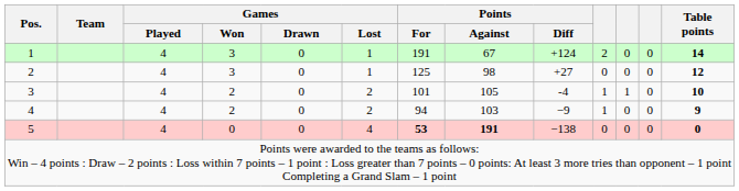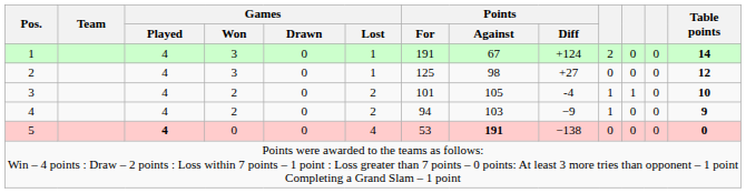 <table class="wikitable" style="text-align:center">
 <tr>
 <th rowspan="2">Pos.</th>
 <th rowspan="2">Team</th>
 <th colspan="4">Games</th>
 <th colspan="3">Points</th>
 <th rowspan="2"></th>
 <th rowspan="2"></th>
 <th rowspan="2"></th>
 <th rowspan="2">Table<br>points</th>
 </tr>
 <tr>
 <th>Played</th>
 <th>Won</th>
 <th>Drawn</th>
 <th>Lost</th>
 <th>For</th>
 <th>Against</th>
 <th>Diff</th>
 </tr>
 <tr style="background:#cfc">
 <td>1</td>
 <td align=left></td>
 <td>4</td>
 <td>3</td>
 <td>0</td>
 <td>1</td>
 <td>191</td>
 <td>67</td>
 <td>+124</td>
 <td>2</td>
 <td>0</td>
 <td>0</td>
 <td><strong>14</strong></td>
 </tr>
 <tr>
 <td>2</td>
 <td align=left></td>
 <td>4</td>
 <td>3</td>
 <td>0</td>
 <td>1</td>
 <td>125</td>
 <td>98</td>
 <td>+27</td>
 <td>0</td>
 <td>0</td>
 <td>0</td>
 <td><strong>12</strong></td>
 </tr>
 <tr>
 <td>3</td>
 <td align=left></td>
 <td>4</td>
 <td>2</td>
 <td>0</td>
 <td>2</td>
 <td>101</td>
 <td>105</td>
 <td>-4</td>
 <td>1</td>
 <td>1</td>
 <td>0</td>
 <td><strong>10</strong></td>
 </tr>
 <tr>
 <td>4</td>
 <td align=left></td>
 <td>4</td>
 <td>2</td>
 <td>0</td>
 <td>2</td>
 <td>94</td>
 <td>103</td>
 <td>−9</td>
 <td>1</td>
 <td>0</td>
 <td>0</td>
 <td><strong>9</strong></td>
 </tr>
 <tr style="background:#fcc">
 <td>5</td>
 <td align=left></td>
-<td>4</td>
+<td><strong>4</strong></td>
 <td>0</td>
 <td>0</td>
 <td>4</td>
-<td><strong>53</strong></td>
+<td>53</td>
 <td><strong>191</strong></td>
 <td>−138</td>
 <td>0</td>
 <td>0</td>
 <td>0</td>
 <td><strong>0</strong></td>
 </tr>
 <tr>
 <td colspan="13">Points were awarded to the teams as follows:<br>Win – 4 points : Draw – 2 points : Loss within 7 points – 1 point : Loss greater than 7 points – 0 points: At least 3 more tries than opponent – 1 point<br>Completing a Grand Slam – 1 point</td>
 </tr>
 </table>
